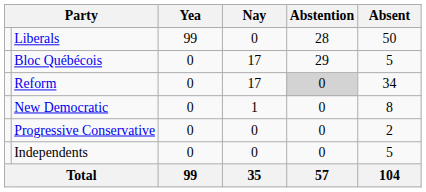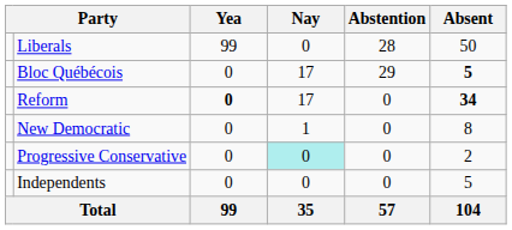 <table class="wikitable" align="center" style="text-align:center; font-size:90%">
 <tr>
 <th colspan="2">Party</th>
 <th width=60px>Yea</th>
 <th width=60px>Nay</th>
 <th width=60px>Abstention</th>
 <th width=60px>Absent</th>
 </tr>
 <tr>
 <td style="background:"></td>
 <td align="left"><a href='#'>Liberals</a></td>
 <td>99</td>
 <td>0</td>
 <td>28</td>
 <td>50</td>
 </tr>
 <tr>
 <td style="background:"></td>
 <td align="left"><a href='#'>Bloc Québécois</a></td>
 <td>0</td>
 <td>17</td>
 <td>29</td>
-<td>5</td>
+<td><strong>5</strong></td>
 </tr>
 <tr>
 <td style="background:"></td>
 <td align="left"><a href='#'>Reform</a></td>
+<td><strong>0</strong></td>
+<td>17</td>
 <td>0</td>
-<td>17</td>
-<td style="background: lightgrey;">0</td>
-<td>34</td>
+<td><strong>34</strong></td>
 </tr>
 <tr>
 <td style="background:"></td>
 <td align="left"><a href='#'>New Democratic</a></td>
 <td>0</td>
 <td>1</td>
 <td>0</td>
 <td>8</td>
 </tr>
 <tr>
 <td style="background:"></td>
 <td align="left"><a href='#'>Progressive Conservative</a></td>
 <td>0</td>
-<td>0</td>
+<td style="background: paleturquoise;">0</td>
 <td>0</td>
 <td>2</td>
 </tr>
 <tr>
 <td style="background:"></td>
 <td align="left">Independents</td>
 <td>0</td>
 <td>0</td>
 <td>0</td>
 <td>5</td>
 </tr>
 <tr>
 <th colspan=2>Total</th>
 <th>99</th>
 <th>35</th>
 <th>57</th>
 <th>104</th>
 </tr>
 </table>
